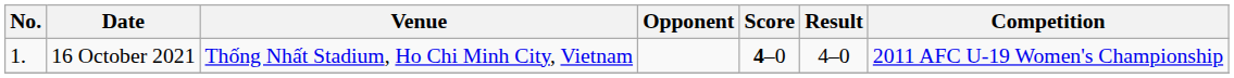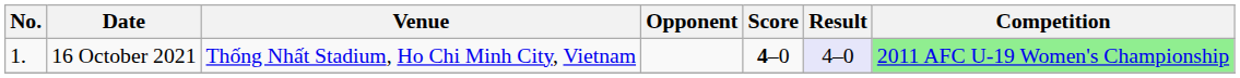 <table class="wikitable">
 <tr>
 <th>No.</th>
 <th>Date</th>
 <th>Venue</th>
 <th>Opponent</th>
 <th>Score</th>
 <th>Result</th>
 <th>Competition</th>
 </tr>
 <tr>
 <td>1.</td>
 <td>16 October 2021</td>
 <td><a href='#'>Thống Nhất Stadium</a>, <a href='#'>Ho Chi Minh City</a>, <a href='#'>Vietnam</a></td>
 <td></td>
 <td align=center><strong>4</strong>–0</td>
-<td align=center>4–0</td>
-<td><a href='#'>2011 AFC U-19 Women's Championship</a></td>
+<td align=center style="background: lavender;">4–0</td>
+<td style="background: lightgreen;"><a href='#'>2011 AFC U-19 Women's Championship</a></td>
 </tr>
 <tr>
 </tr>
 </table>
